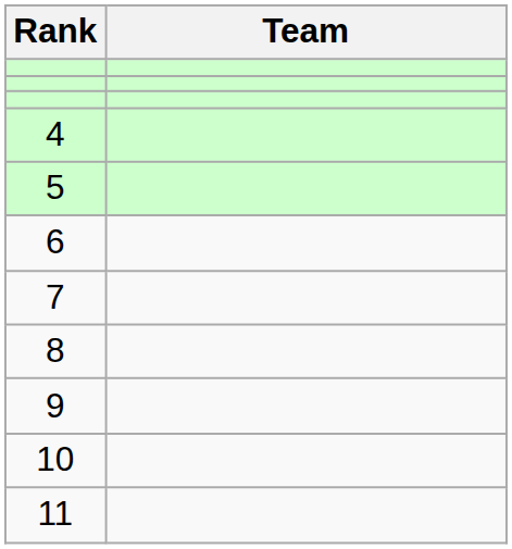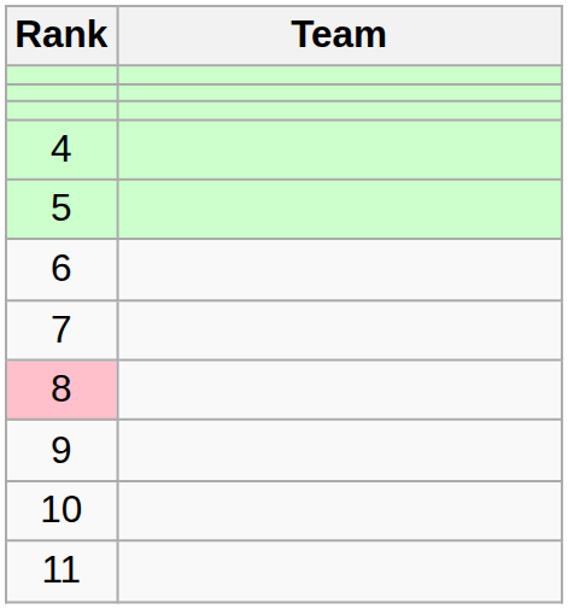 <table class=wikitable style="text-align:center;">
 <tr>
 <th>Rank</th>
 <th width=180>Team</th>
 </tr>
 <tr bgcolor=#CCFFCC>
 <td></td>
 <td align=left></td>
 </tr>
 <tr bgcolor=#CCFFCC>
 <td></td>
 <td align=left></td>
 </tr>
 <tr bgcolor=#CCFFCC>
 <td></td>
 <td align=left></td>
 </tr>
 <tr bgcolor=#CCFFCC>
 <td>4</td>
 <td align=left></td>
 </tr>
 <tr bgcolor=#CCFFCC>
 <td>5</td>
 <td align=left></td>
 </tr>
 <tr>
 <td>6</td>
 <td align=left></td>
 </tr>
 <tr>
 <td>7</td>
 <td align=left></td>
 </tr>
 <tr>
-<td>8</td>
+<td style="background: pink;">8</td>
 <td align=left></td>
 </tr>
 <tr>
 <td>9</td>
 <td align=left></td>
 </tr>
 <tr>
 <td>10</td>
 <td align=left></td>
 </tr>
 <tr>
 <td>11</td>
 <td align=left></td>
 </tr>
 </table>
